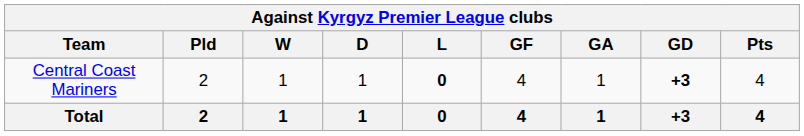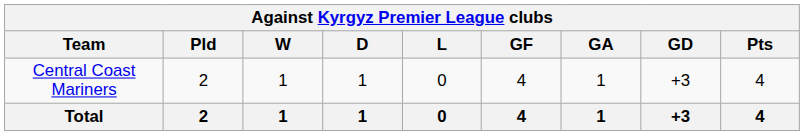 <table width=60% class="wikitable" style="text-align:center">
 <tr>
 <th colspan=9>Against <a href='#'>Kyrgyz Premier League</a> clubs</th>
 </tr>
 <tr>
 <th width=10%>Team</th>
 <th width=5%>Pld</th>
 <th width=5%>W</th>
 <th width=5%>D</th>
 <th width=5%>L</th>
 <th width=5%>GF</th>
 <th width=5%>GA</th>
 <th width=5%>GD</th>
 <th width=5%>Pts</th>
 </tr>
 <tr>
 <td align=center><a href='#'>Central Coast Mariners</a></td>
 <td>2</td>
 <td>1</td>
 <td>1</td>
-<td><strong>0</strong></td>
+<td>0</td>
 <td>4</td>
 <td>1</td>
-<td><strong>+3</strong></td>
+<td>+3</td>
 <td>4</td>
 </tr>
 <tr>
 <th>Total</th>
 <th>2</th>
 <th>1</th>
 <th>1</th>
 <th>0</th>
 <th>4</th>
 <th>1</th>
 <th>+3</th>
 <th>4</th>
 </tr>
 </table>
